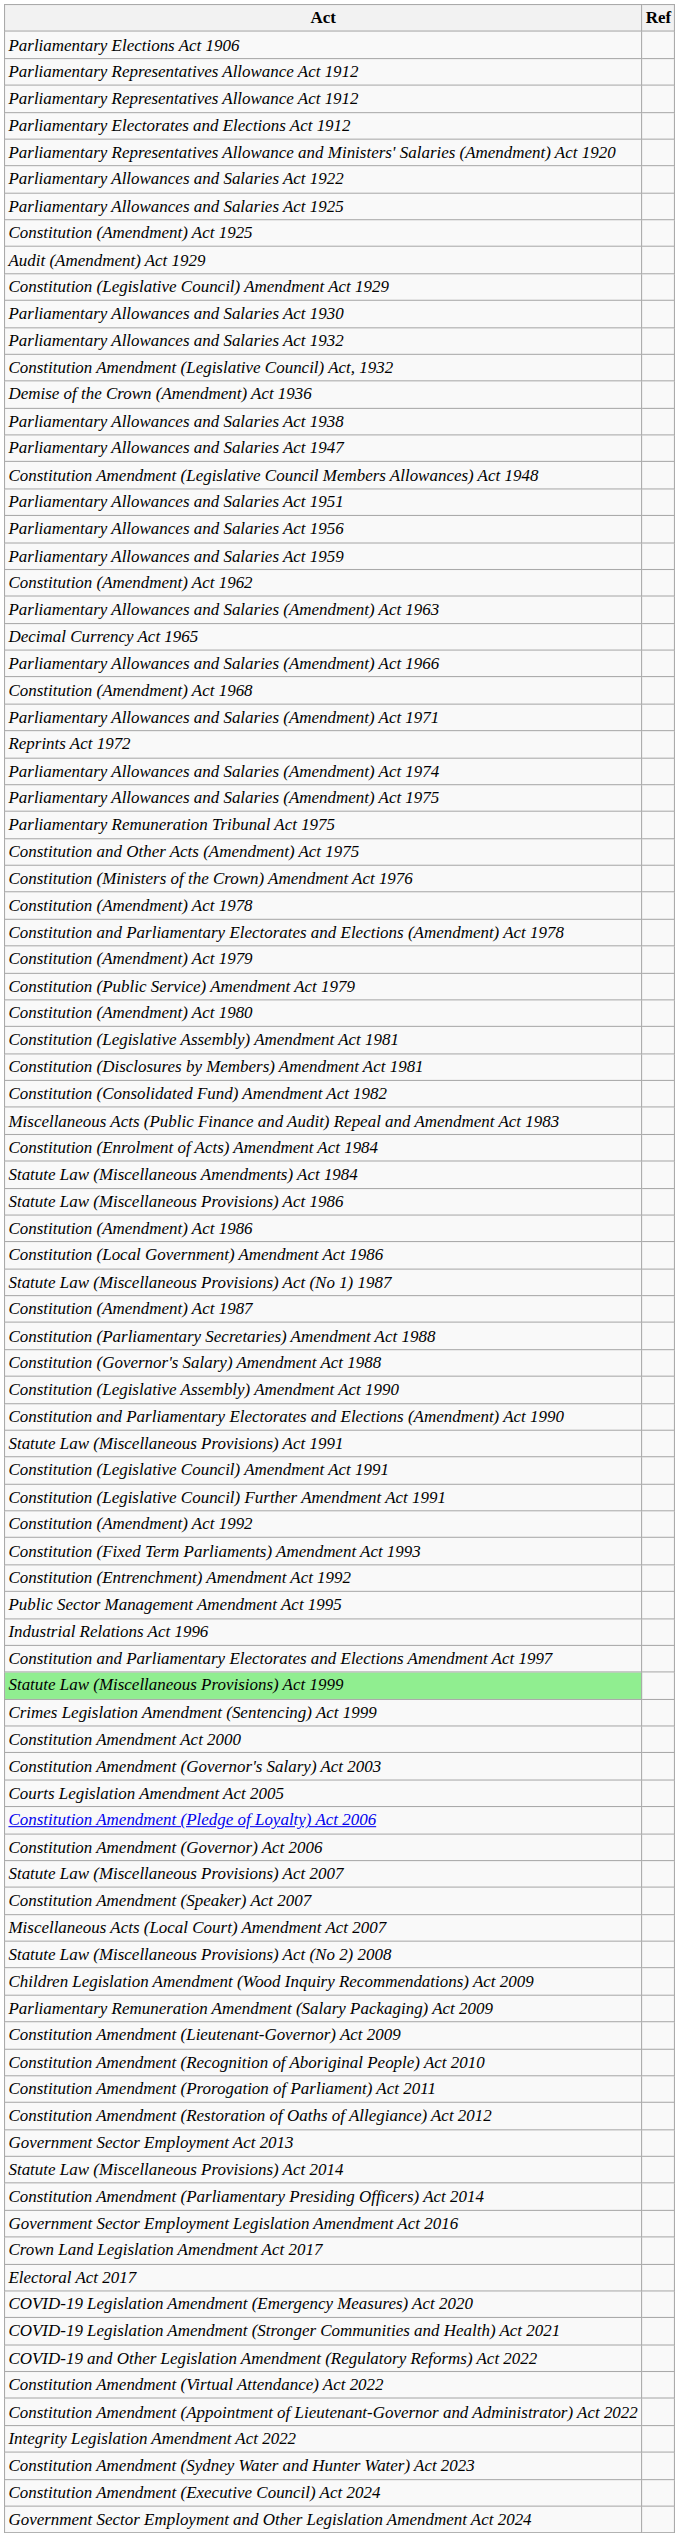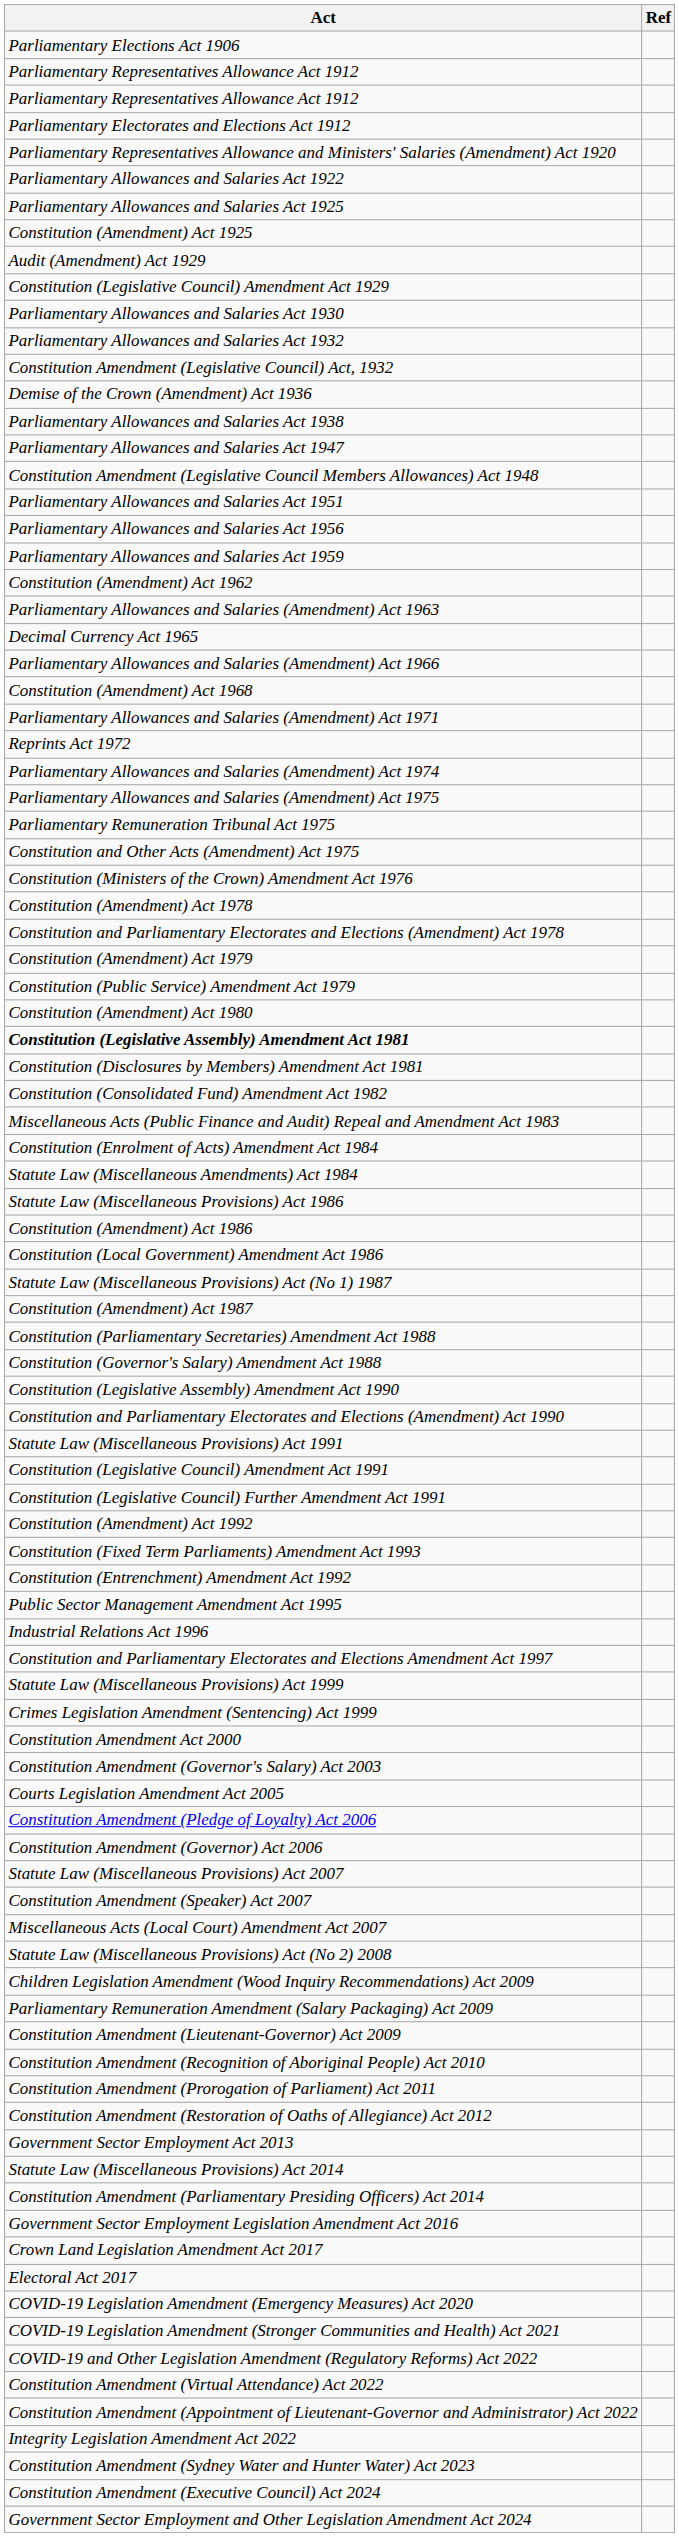 <table class="wikitable mw-collapsible mw-collapsed">
 <tr>
 <th>Act</th>
 <th>Ref</th>
 </tr>
 <tr>
 <td><em>Parliamentary Elections Act 1906</em></td>
 <td></td>
 </tr>
 <tr>
 <td><em>Parliamentary Representatives Allowance Act 1912</em></td>
 <td></td>
 </tr>
 <tr>
 <td><em>Parliamentary Representatives Allowance Act 1912</em></td>
 <td></td>
 </tr>
 <tr>
 <td><em>Parliamentary Electorates and Elections Act 1912</em></td>
 <td></td>
 </tr>
 <tr>
 <td><em>Parliamentary Representatives Allowance and Ministers' Salaries (Amendment) Act 1920</em></td>
 <td></td>
 </tr>
 <tr>
 <td><em>Parliamentary Allowances and Salaries Act 1922</em></td>
 <td></td>
 </tr>
 <tr>
 <td><em>Parliamentary Allowances and Salaries Act 1925</em></td>
 <td></td>
 </tr>
 <tr>
 <td><em>Constitution (Amendment) Act 1925</em></td>
 <td></td>
 </tr>
 <tr>
 <td><em>Audit (Amendment) Act 1929</em></td>
 <td></td>
 </tr>
 <tr>
 <td><em>Constitution (Legislative Council) Amendment Act 1929</em></td>
 <td></td>
 </tr>
 <tr>
 <td><em>Parliamentary Allowances and Salaries Act 1930</em></td>
 <td></td>
 </tr>
 <tr>
 <td><em>Parliamentary Allowances and Salaries Act 1932</em></td>
 <td></td>
 </tr>
 <tr>
 <td><em>Constitution Amendment (Legislative Council) Act, 1932</em></td>
 <td></td>
 </tr>
 <tr>
 <td><em>Demise of the Crown (Amendment) Act 1936</em></td>
 <td></td>
 </tr>
 <tr>
 <td><em>Parliamentary Allowances and Salaries Act 1938</em></td>
 <td></td>
 </tr>
 <tr>
 <td><em>Parliamentary Allowances and Salaries Act 1947</em></td>
 <td></td>
 </tr>
 <tr>
 <td><em>Constitution Amendment (Legislative Council Members Allowances) Act 1948</em></td>
 <td></td>
 </tr>
 <tr>
 <td><em>Parliamentary Allowances and Salaries Act 1951</em></td>
 <td></td>
 </tr>
 <tr>
 <td><em>Parliamentary Allowances and Salaries Act 1956</em></td>
 <td></td>
 </tr>
 <tr>
 <td><em>Parliamentary Allowances and Salaries Act 1959</em></td>
 <td></td>
 </tr>
 <tr>
 <td><em>Constitution (Amendment) Act 1962</em></td>
 <td></td>
 </tr>
 <tr>
 <td><em>Parliamentary Allowances and Salaries (Amendment) Act 1963</em></td>
 <td></td>
 </tr>
 <tr>
 <td><em>Decimal Currency Act 1965</em></td>
 <td></td>
 </tr>
 <tr>
 <td><em>Parliamentary Allowances and Salaries (Amendment) Act 1966</em></td>
 <td></td>
 </tr>
 <tr>
 <td><em>Constitution (Amendment) Act 1968</em></td>
 <td></td>
 </tr>
 <tr>
 <td><em>Parliamentary Allowances and Salaries (Amendment) Act 1971</em></td>
 <td></td>
 </tr>
 <tr>
 <td><em>Reprints Act 1972</em></td>
 <td></td>
 </tr>
 <tr>
 <td><em>Parliamentary Allowances and Salaries (Amendment) Act 1974</em></td>
 <td></td>
 </tr>
 <tr>
 <td><em>Parliamentary Allowances and Salaries (Amendment) Act 1975</em></td>
 <td></td>
 </tr>
 <tr>
 <td><em>Parliamentary Remuneration Tribunal Act 1975</em></td>
 <td></td>
 </tr>
 <tr>
 <td><em>Constitution and Other Acts (Amendment) Act 1975</em></td>
 <td></td>
 </tr>
 <tr>
 <td><em>Constitution (Ministers of the Crown) Amendment Act 1976</em></td>
 <td></td>
 </tr>
 <tr>
 <td><em>Constitution (Amendment) Act 1978</em></td>
 <td></td>
 </tr>
 <tr>
 <td><em>Constitution and Parliamentary Electorates and Elections (Amendment) Act 1978</em></td>
 <td></td>
 </tr>
 <tr>
 <td><em>Constitution (Amendment) Act 1979</em></td>
 <td></td>
 </tr>
 <tr>
 <td><em>Constitution (Public Service) Amendment Act 1979</em></td>
 <td></td>
 </tr>
 <tr>
 <td><em>Constitution (Amendment) Act 1980</em></td>
 <td></td>
 </tr>
 <tr>
-<td><em>Constitution (Legislative Assembly) Amendment Act 1981</em></td>
+<td><strong><em>Constitution (Legislative Assembly) Amendment Act 1981</em></strong></td>
 <td></td>
 </tr>
 <tr>
 <td><em>Constitution (Disclosures by Members) Amendment Act 1981</em></td>
 <td></td>
 </tr>
 <tr>
 <td><em>Constitution (Consolidated Fund) Amendment Act 1982</em></td>
 <td></td>
 </tr>
 <tr>
 <td><em>Miscellaneous Acts (Public Finance and Audit) Repeal and Amendment Act 1983</em></td>
 <td></td>
 </tr>
 <tr>
 <td><em>Constitution (Enrolment of Acts) Amendment Act 1984</em></td>
 <td></td>
 </tr>
 <tr>
 <td><em>Statute Law (Miscellaneous Amendments) Act 1984</em></td>
 <td></td>
 </tr>
 <tr>
 <td><em>Statute Law (Miscellaneous Provisions) Act 1986</em></td>
 <td></td>
 </tr>
 <tr>
 <td><em>Constitution (Amendment) Act 1986</em></td>
 <td></td>
 </tr>
 <tr>
 <td><em>Constitution (Local Government) Amendment Act 1986</em></td>
 <td></td>
 </tr>
 <tr>
 <td><em>Statute Law (Miscellaneous Provisions) Act (No 1) 1987</em></td>
 <td></td>
 </tr>
 <tr>
 <td><em>Constitution (Amendment) Act 1987</em></td>
 <td></td>
 </tr>
 <tr>
 <td><em>Constitution (Parliamentary Secretaries) Amendment Act 1988</em></td>
 <td></td>
 </tr>
 <tr>
 <td><em>Constitution (Governor's Salary) Amendment Act 1988</em></td>
 <td></td>
 </tr>
 <tr>
 <td><em>Constitution (Legislative Assembly) Amendment Act 1990</em></td>
 <td></td>
 </tr>
 <tr>
 <td><em>Constitution and Parliamentary Electorates and Elections (Amendment) Act 1990</em></td>
 <td></td>
 </tr>
 <tr>
 <td><em>Statute Law (Miscellaneous Provisions) Act 1991</em></td>
 <td></td>
 </tr>
 <tr>
 <td><em>Constitution (Legislative Council) Amendment Act 1991</em></td>
 <td></td>
 </tr>
 <tr>
 <td><em>Constitution (Legislative Council) Further Amendment Act 1991</em></td>
 <td></td>
 </tr>
 <tr>
 <td><em>Constitution (Amendment) Act 1992</em></td>
 <td></td>
 </tr>
 <tr>
 <td><em>Constitution (Fixed Term Parliaments) Amendment Act 1993</em></td>
 <td></td>
 </tr>
 <tr>
 <td><em>Constitution (Entrenchment) Amendment Act 1992</em></td>
 <td></td>
 </tr>
 <tr>
 <td><em>Public Sector Management Amendment Act 1995</em></td>
 <td></td>
 </tr>
 <tr>
 <td><em>Industrial Relations Act 1996</em></td>
 <td></td>
 </tr>
 <tr>
 <td><em>Constitution and Parliamentary Electorates and Elections Amendment Act 1997</em></td>
 <td></td>
 </tr>
 <tr>
-<td style="background: lightgreen;"><em>Statute Law (Miscellaneous Provisions) Act 1999</em></td>
+<td><em>Statute Law (Miscellaneous Provisions) Act 1999</em></td>
 <td></td>
 </tr>
 <tr>
 <td><em>Crimes Legislation Amendment (Sentencing) Act 1999</em></td>
 <td></td>
 </tr>
 <tr>
 <td><em>Constitution Amendment Act 2000</em></td>
 <td></td>
 </tr>
 <tr>
 <td><em>Constitution Amendment (Governor's Salary) Act 2003</em></td>
 <td></td>
 </tr>
 <tr>
 <td><em>Courts Legislation Amendment Act 2005</em></td>
 <td></td>
 </tr>
 <tr>
 <td><em><a href='#'>Constitution Amendment (Pledge of Loyalty) Act 2006</a></em></td>
 <td></td>
 </tr>
 <tr>
 <td><em>Constitution Amendment (Governor) Act 2006</em></td>
 <td></td>
 </tr>
 <tr>
 <td><em>Statute Law (Miscellaneous Provisions) Act 2007</em></td>
 <td></td>
 </tr>
 <tr>
 <td><em>Constitution Amendment (Speaker) Act 2007</em></td>
 <td></td>
 </tr>
 <tr>
 <td><em>Miscellaneous Acts (Local Court) Amendment Act 2007</em></td>
 <td></td>
 </tr>
 <tr>
 <td><em>Statute Law (Miscellaneous Provisions) Act (No 2) 2008</em></td>
 <td></td>
 </tr>
 <tr>
 <td><em>Children Legislation Amendment (Wood Inquiry Recommendations) Act 2009</em></td>
 <td></td>
 </tr>
 <tr>
 <td><em>Parliamentary Remuneration Amendment (Salary Packaging) Act 2009</em></td>
 <td></td>
 </tr>
 <tr>
 <td><em>Constitution Amendment (Lieutenant-Governor) Act 2009</em></td>
 <td></td>
 </tr>
 <tr>
 <td><em>Constitution Amendment (Recognition of Aboriginal People) Act 2010</em></td>
 <td></td>
 </tr>
 <tr>
 <td><em>Constitution Amendment (Prorogation of Parliament) Act 2011</em></td>
 <td></td>
 </tr>
 <tr>
 <td><em>Constitution Amendment (Restoration of Oaths of Allegiance) Act 2012</em></td>
 <td></td>
 </tr>
 <tr>
 <td><em>Government Sector Employment Act 2013</em></td>
 <td></td>
 </tr>
 <tr>
 <td><em>Statute Law (Miscellaneous Provisions) Act 2014</em></td>
 <td></td>
 </tr>
 <tr>
 <td><em>Constitution Amendment (Parliamentary Presiding Officers) Act 2014</em></td>
 <td></td>
 </tr>
 <tr>
 <td><em>Government Sector Employment Legislation Amendment Act 2016</em></td>
 <td></td>
 </tr>
 <tr>
 <td><em>Crown Land Legislation Amendment Act 2017</em></td>
 <td></td>
 </tr>
 <tr>
 <td><em>Electoral Act 2017</em></td>
 <td></td>
 </tr>
 <tr>
 <td><em>COVID-19 Legislation Amendment (Emergency Measures) Act 2020</em></td>
 <td></td>
 </tr>
 <tr>
 <td><em>COVID-19 Legislation Amendment (Stronger Communities and Health) Act 2021</em></td>
 <td></td>
 </tr>
 <tr>
 <td><em>COVID-19 and Other Legislation Amendment (Regulatory Reforms) Act 2022</em></td>
 <td></td>
 </tr>
 <tr>
 <td><em>Constitution Amendment (Virtual Attendance) Act 2022</em></td>
 <td></td>
 </tr>
 <tr>
 <td><em>Constitution Amendment (Appointment of Lieutenant-Governor and Administrator) Act 2022</em></td>
 <td></td>
 </tr>
 <tr>
 <td><em>Integrity Legislation Amendment Act 2022</em></td>
 <td></td>
 </tr>
 <tr>
 <td><em>Constitution Amendment (Sydney Water and Hunter Water) Act 2023</em></td>
 <td></td>
 </tr>
 <tr>
 <td><em>Constitution Amendment (Executive Council) Act 2024</em></td>
 <td></td>
 </tr>
 <tr>
 <td><em>Government Sector Employment and Other Legislation Amendment Act 2024</em></td>
 <td></td>
 </tr>
 </table>
